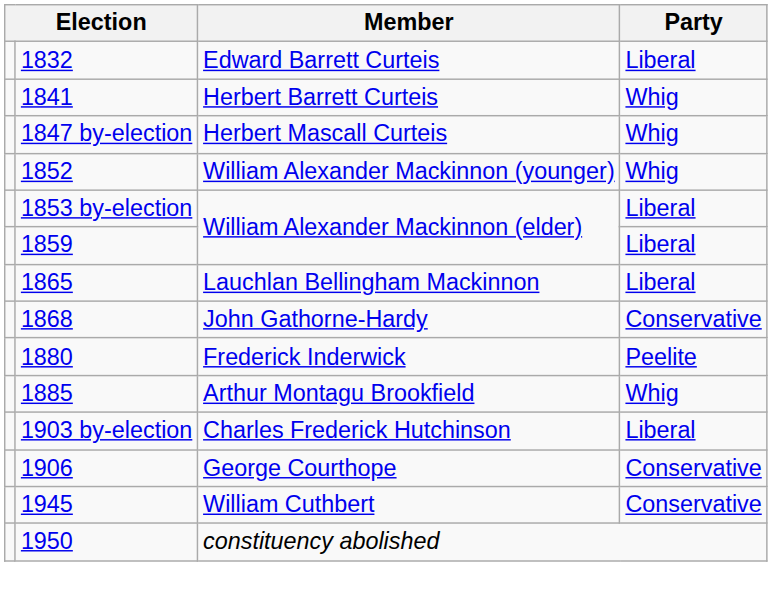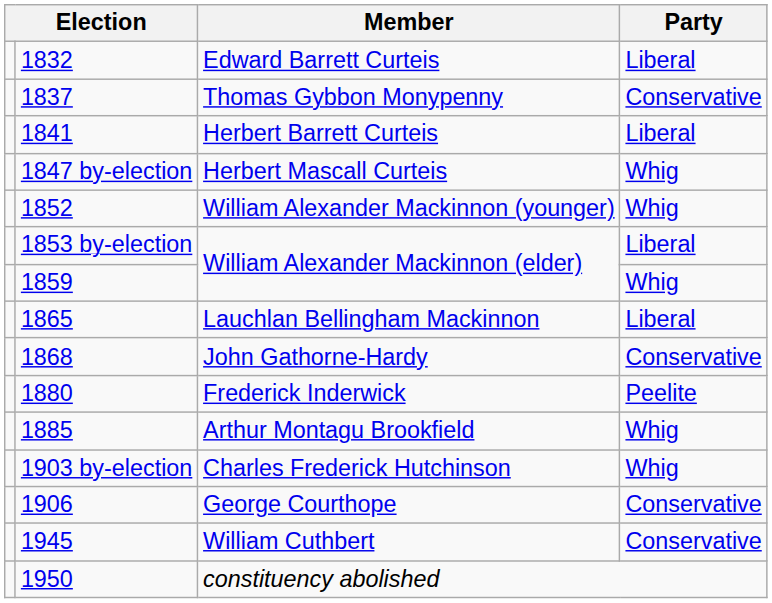 <table class="wikitable">
 <tr>
 <th colspan="2">Election</th>
 <th>Member</th>
 <th>Party</th>
 </tr>
 <tr>
 <td style="color:inherit;background-color: "></td>
 <td><a href='#'>1832</a></td>
 <td><a href='#'>Edward Barrett Curteis</a></td>
 <td><a href='#'>Liberal</a></td>
 </tr>
 <tr>
 <td style="color:inherit;background-color: "></td>
+<td><a href='#'>1837</a></td>
+<td><a href='#'>Thomas Gybbon Monypenny</a></td>
+<td><a href='#'>Conservative</a></td>
+</tr>
+<tr>
+<td style="color:inherit;background-color: "></td>
 <td><a href='#'>1841</a></td>
 <td><a href='#'>Herbert Barrett Curteis</a></td>
-<td><a href='#'>Whig</a></td>
+<td><a href='#'>Liberal</a></td>
 </tr>
 <tr>
 <td style="color:inherit;background-color: "></td>
 <td><a href='#'>1847 by-election</a></td>
 <td><a href='#'>Herbert Mascall Curteis</a></td>
 <td><a href='#'>Whig</a></td>
 </tr>
 <tr>
 <td style="color:inherit;background-color: "></td>
 <td><a href='#'>1852</a></td>
 <td><a href='#'>William Alexander Mackinnon (younger)</a></td>
 <td><a href='#'>Whig</a></td>
 </tr>
 <tr>
 <td style="color:inherit;background-color: "></td>
 <td><a href='#'>1853 by-election</a></td>
 <td rowspan="2"><a href='#'>William Alexander Mackinnon (elder)</a></td>
 <td><a href='#'>Liberal</a></td>
 </tr>
 <tr>
 <td style="color:inherit;background-color: "></td>
 <td><a href='#'>1859</a></td>
-<td><a href='#'>Liberal</a></td>
+<td><a href='#'>Whig</a></td>
 </tr>
 <tr>
 <td style="color:inherit;background-color: "></td>
 <td><a href='#'>1865</a></td>
 <td><a href='#'>Lauchlan Bellingham Mackinnon</a></td>
 <td><a href='#'>Liberal</a></td>
 </tr>
 <tr>
 <td style="color:inherit;background-color: "></td>
 <td><a href='#'>1868</a></td>
 <td><a href='#'>John Gathorne-Hardy</a></td>
 <td><a href='#'>Conservative</a></td>
 </tr>
 <tr>
 <td style="color:inherit;background-color: "></td>
 <td><a href='#'>1880</a></td>
 <td><a href='#'>Frederick Inderwick</a></td>
 <td><a href='#'>Peelite</a></td>
 </tr>
 <tr>
 <td style="color:inherit;background-color: "></td>
 <td><a href='#'>1885</a></td>
 <td><a href='#'>Arthur Montagu Brookfield</a></td>
 <td><a href='#'>Whig</a></td>
 </tr>
 <tr>
 <td style="color:inherit;background-color: "></td>
 <td><a href='#'>1903 by-election</a></td>
 <td><a href='#'>Charles Frederick Hutchinson</a></td>
-<td><a href='#'>Liberal</a></td>
+<td><a href='#'>Whig</a></td>
 </tr>
 <tr>
 <td style="color:inherit;background-color: "></td>
 <td><a href='#'>1906</a></td>
 <td><a href='#'>George Courthope</a></td>
 <td><a href='#'>Conservative</a></td>
 </tr>
 <tr>
 <td style="color:inherit;background-color: "></td>
 <td><a href='#'>1945</a></td>
 <td><a href='#'>William Cuthbert</a></td>
 <td><a href='#'>Conservative</a></td>
 </tr>
 <tr>
 <td></td>
 <td><a href='#'>1950</a></td>
 <td colspan="2"><em>constituency abolished</em></td>
 </tr>
 </table>
